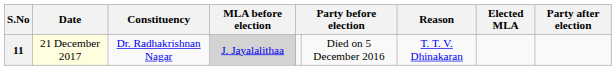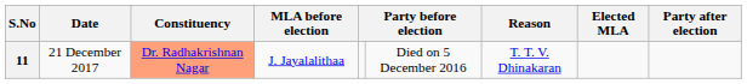 <table class="wikitable sortable" style="text-align:center;">
 <tr>
 <th>S.No</th>
 <th>Date</th>
 <th>Constituency</th>
 <th>MLA before election</th>
 <th colspan=2>Party before election</th>
 <th>Reason</th>
 <th>Elected MLA</th>
 <th colspan=2>Party after election</th>
 </tr>
 <tr>
 <th>11</th>
-<td style="background: lightyellow;">21 December 2017</td>
-<td><a href='#'>Dr. Radhakrishnan Nagar</a></td>
-<td style="background: lightgrey;"><a href='#'>J. Jayalalithaa</a></td>
+<td>21 December 2017</td>
+<td style="background: lightsalmon;"><a href='#'>Dr. Radhakrishnan Nagar</a></td>
+<td><a href='#'>J. Jayalalithaa</a></td>
 <td></td>
 <td>Died on 5 December 2016</td>
 <td><a href='#'>T. T. V. Dhinakaran</a></td>
 <td></td>
 </tr>
 </table>
